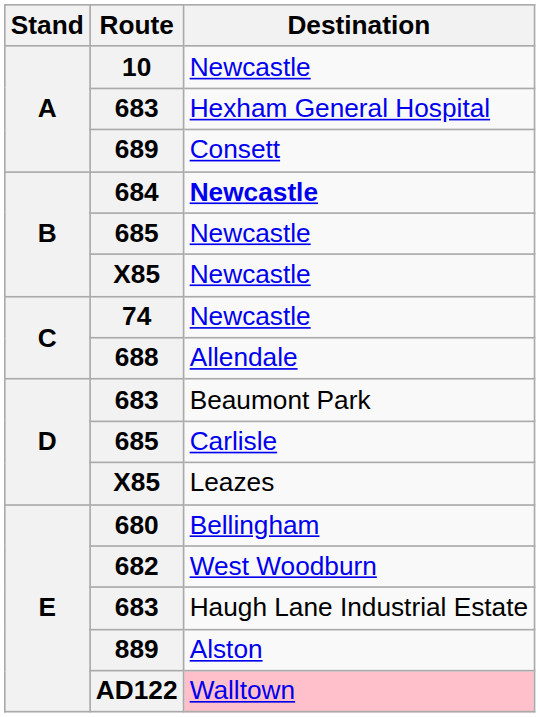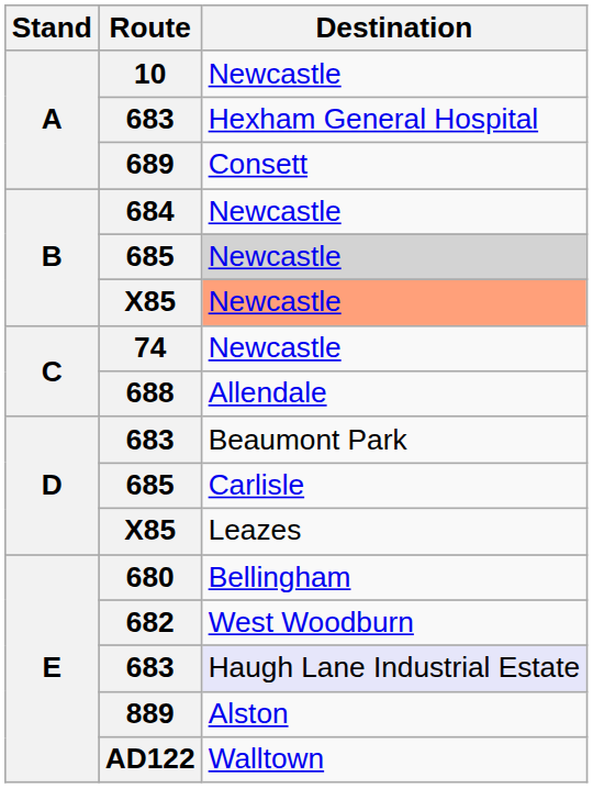 <table class="wikitable sortable mw-collapsible mw-collapsed">
 <tr>
 <th><strong>Stand</strong></th>
 <th><strong>Route</strong></th>
 <th><strong>Destination</strong></th>
 </tr>
 <tr>
 <th rowspan="3"><strong>A</strong></th>
 <th>10</th>
 <td><a href='#'>Newcastle</a>  <br></td>
 </tr>
 <tr>
 <th>683</th>
 <td><a href='#'>Hexham General Hospital</a></td>
 </tr>
 <tr>
 <th>689</th>
 <td><a href='#'>Consett</a> <br></td>
 </tr>
 <tr>
 <th rowspan="3">B</th>
 <th>684</th>
-<td><strong><a href='#'>Newcastle</a>  <br></strong></td>
+<td><a href='#'>Newcastle</a>  <br></td>
 </tr>
 <tr>
 <th>685</th>
-<td><a href='#'>Newcastle</a>  <br></td>
+<td style="background: lightgrey;"><a href='#'>Newcastle</a>  <br></td>
 </tr>
 <tr>
 <th>X85</th>
-<td><a href='#'>Newcastle</a>  <br></td>
+<td style="background: lightsalmon;"><a href='#'>Newcastle</a>  <br></td>
 </tr>
 <tr>
 <th rowspan="2">C</th>
 <th>74</th>
 <td><a href='#'>Newcastle</a>  <br></td>
 </tr>
 <tr>
 <th>688</th>
 <td><a href='#'>Allendale</a><br></td>
 </tr>
 <tr>
 <th rowspan="3">D</th>
 <th>683</th>
 <td>Beaumont Park</td>
 </tr>
 <tr>
 <th>685</th>
 <td><a href='#'>Carlisle</a>  <br></td>
 </tr>
 <tr>
 <th>X85</th>
 <td>Leazes</td>
 </tr>
 <tr>
 <th rowspan="5">E</th>
 <th>680</th>
 <td><a href='#'>Bellingham</a> <br></td>
 </tr>
 <tr>
 <th>682</th>
 <td><a href='#'>West Woodburn</a><br></td>
 </tr>
 <tr>
 <th>683</th>
-<td>Haugh Lane Industrial Estate</td>
+<td style="background: lavender;">Haugh Lane Industrial Estate</td>
 </tr>
 <tr>
 <th>889</th>
 <td><a href='#'>Alston</a><br></td>
 </tr>
 <tr>
 <th>AD122</th>
-<td style="background: pink;"><a href='#'>Walltown</a><br></td>
+<td><a href='#'>Walltown</a><br></td>
 </tr>
 </table>
